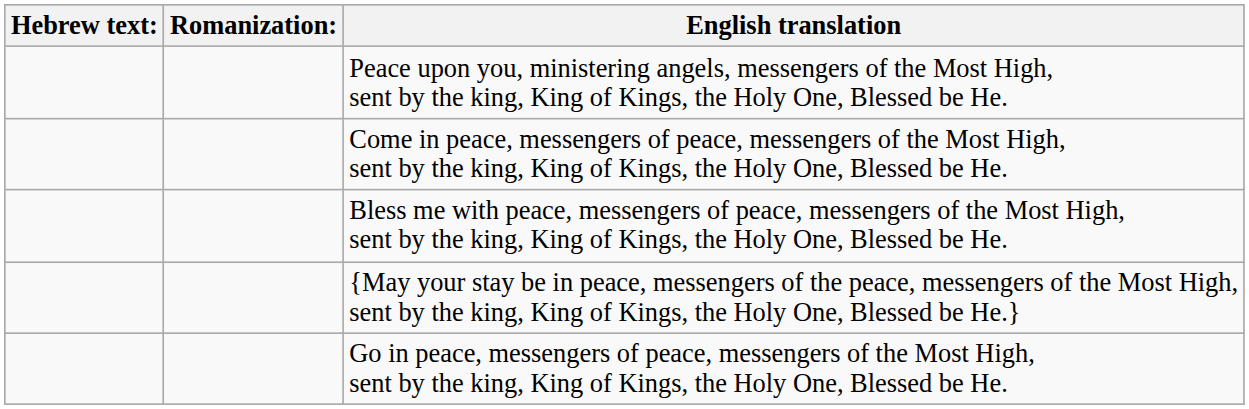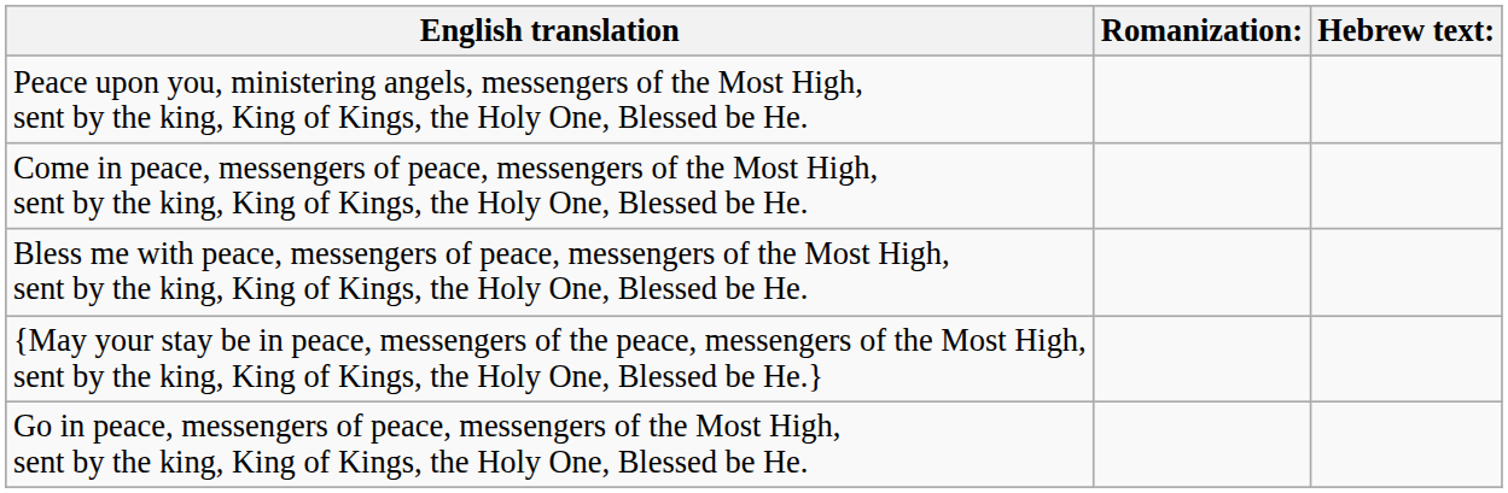 <table class="wikitable">
 <tr>
+<th>English translation</th>
+<th>Romanization:</th>
 <th>Hebrew text:</th>
-<th>Romanization:</th>
-<th>English translation</th>
 </tr>
 <tr>
+<td>Peace upon you, ministering angels, messengers of the Most High,<br>sent by the king, King of Kings, the Holy One, Blessed be He.</td>
 <td></td>
 <td></td>
-<td>Peace upon you, ministering angels, messengers of the Most High,<br>sent by the king, King of Kings, the Holy One, Blessed be He.</td>
 </tr>
 <tr>
+<td>Come in peace, messengers of peace, messengers of the Most High,<br>sent by the king, King of Kings, the Holy One, Blessed be He.</td>
 <td></td>
 <td></td>
-<td>Come in peace, messengers of peace, messengers of the Most High,<br>sent by the king, King of Kings, the Holy One, Blessed be He.</td>
 </tr>
 <tr>
+<td>Bless me with peace, messengers of peace, messengers of the Most High,<br>sent by the king, King of Kings, the Holy One, Blessed be He.</td>
 <td></td>
 <td></td>
-<td>Bless me with peace, messengers of peace, messengers of the Most High,<br>sent by the king, King of Kings, the Holy One, Blessed be He.</td>
 </tr>
 <tr>
+<td>{May your stay be in peace, messengers of the peace, messengers of the Most High,<br>sent by the king, King of Kings, the Holy One, Blessed be He.}</td>
 <td></td>
 <td></td>
-<td>{May your stay be in peace, messengers of the peace, messengers of the Most High,<br>sent by the king, King of Kings, the Holy One, Blessed be He.}</td>
 </tr>
 <tr>
+<td>Go in peace, messengers of peace, messengers of the Most High,<br>sent by the king, King of Kings, the Holy One, Blessed be He.</td>
 <td></td>
 <td></td>
-<td>Go in peace, messengers of peace, messengers of the Most High,<br>sent by the king, King of Kings, the Holy One, Blessed be He.</td>
 </tr>
 </table>
